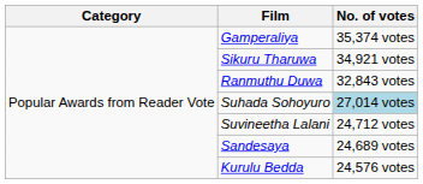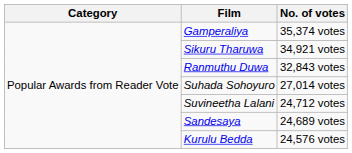 <table class="wikitable plainrowheaders sortable">
 <tr>
 <th scope="col">Category</th>
 <th scope="col">Film</th>
 <th scope="col">No. of votes</th>
 </tr>
 <tr>
 <td rowspan=7>Popular Awards from Reader Vote</td>
 <td><em><a href='#'>Gamperaliya</a></em></td>
 <td>35,374 votes</td>
 </tr>
 <tr>
 <td><em><a href='#'>Sikuru Tharuwa</a></em></td>
 <td>34,921 votes</td>
 </tr>
 <tr>
 <td><em><a href='#'>Ranmuthu Duwa</a></em></td>
 <td>32,843 votes</td>
 </tr>
 <tr>
 <td><em>Suhada Sohoyuro</em></td>
-<td style="background: lightblue;">27,014 votes</td>
+<td>27,014 votes</td>
 </tr>
 <tr>
 <td><em>Suvineetha Lalani</em></td>
 <td>24,712 votes</td>
 </tr>
 <tr>
 <td><em><a href='#'>Sandesaya</a></em></td>
 <td>24,689 votes</td>
 </tr>
 <tr>
 <td><em><a href='#'>Kurulu Bedda</a></em></td>
 <td>24,576 votes</td>
 </tr>
 </table>
